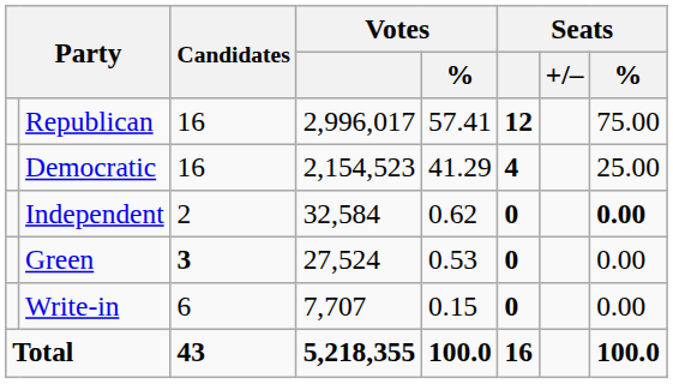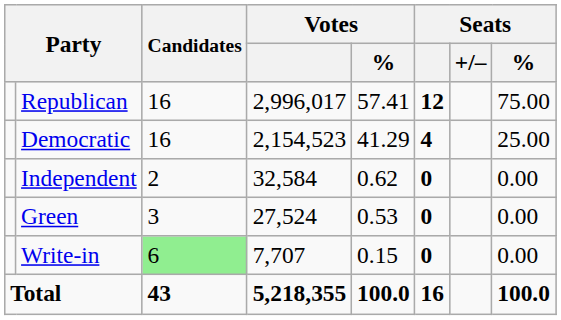 <table class="wikitable" style="font-size: 95%;">
 <tr>
 <th colspan="2" rowspan="2">Party</th>
 <th rowspan="2"><small>Candi</small><small>dates</small></th>
 <th colspan="2">Votes</th>
 <th colspan="3">Seats</th>
 </tr>
 <tr>
 <th></th>
 <th>%</th>
 <th></th>
 <th>+/–</th>
 <th>%</th>
 </tr>
 <tr>
 <td style="background:"></td>
 <td align=left><a href='#'>Republican</a></td>
 <td>16</td>
 <td>2,996,017</td>
 <td>57.41</td>
 <td><strong>12</strong></td>
 <td></td>
 <td>75.00</td>
 </tr>
 <tr>
 <td style="background:"></td>
 <td align=left><a href='#'>Democratic</a></td>
 <td>16</td>
 <td>2,154,523</td>
 <td>41.29</td>
 <td><strong>4</strong></td>
 <td></td>
 <td>25.00</td>
 </tr>
 <tr>
 <td style="background:"></td>
 <td align="left"><a href='#'>Independent</a></td>
 <td>2</td>
 <td>32,584</td>
 <td>0.62</td>
 <td><strong>0</strong></td>
 <td></td>
-<td><strong>0.00</strong></td>
+<td>0.00</td>
 </tr>
 <tr>
 <td style="background:"></td>
 <td align=left><a href='#'>Green</a></td>
-<td><strong>3</strong></td>
+<td>3</td>
 <td>27,524</td>
 <td>0.53</td>
 <td><strong>0</strong></td>
 <td></td>
 <td>0.00</td>
 </tr>
 <tr>
 <td style="background:"></td>
 <td align=left><a href='#'>Write-in</a></td>
-<td>6</td>
+<td style="background: lightgreen;">6</td>
 <td>7,707</td>
 <td>0.15</td>
 <td><strong>0</strong></td>
 <td></td>
 <td>0.00</td>
 </tr>
 <tr style="font-weight:bold">
 <td colspan=2 align=left>Total</td>
 <td>43</td>
 <td>5,218,355</td>
 <td>100.0</td>
 <td>16</td>
 <td></td>
 <td>100.0</td>
 </tr>
 </table>
